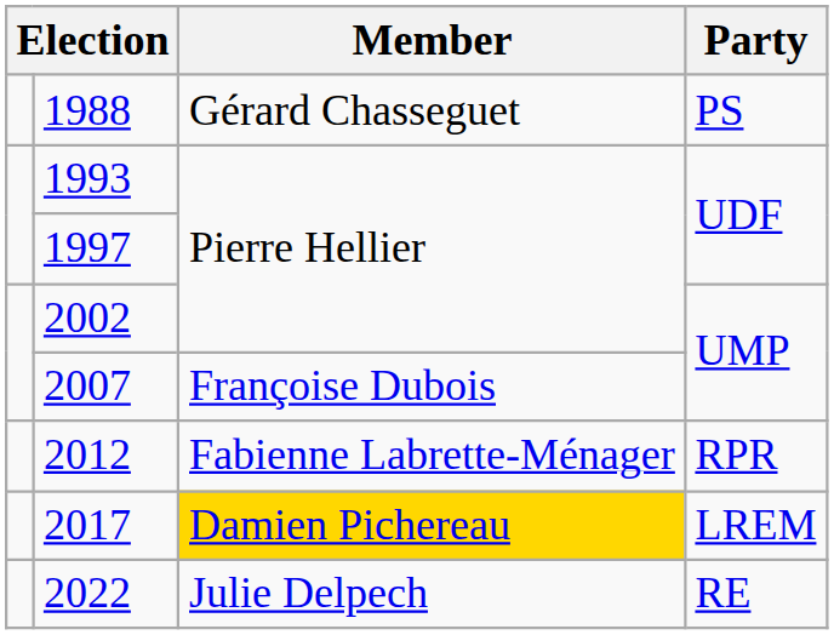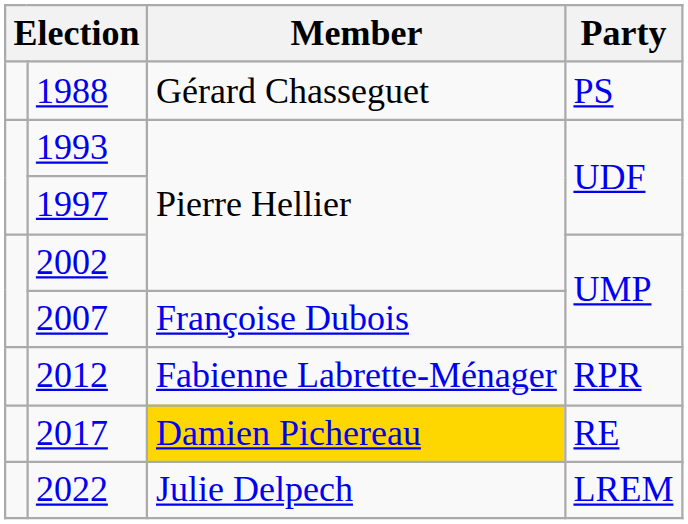 <table class="wikitable">
 <tr>
 <th colspan="2">Election</th>
 <th>Member</th>
 <th>Party</th>
 </tr>
 <tr>
 <td style="background-color: "></td>
 <td><a href='#'>1988</a></td>
 <td>Gérard Chasseguet</td>
 <td><a href='#'>PS</a></td>
 </tr>
 <tr>
 <td rowspan=2 style="background-color: "></td>
 <td><a href='#'>1993</a></td>
 <td rowspan=3>Pierre Hellier</td>
 <td rowspan=2><a href='#'>UDF</a></td>
 </tr>
 <tr>
 <td><a href='#'>1997</a></td>
 </tr>
 <tr>
 <td rowspan=2 style="background-color: "></td>
 <td><a href='#'>2002</a></td>
 <td rowspan="2"><a href='#'>UMP</a></td>
 </tr>
 <tr>
 <td><a href='#'>2007</a></td>
 <td><a href='#'>Françoise Dubois</a></td>
 </tr>
 <tr>
 <td style="background-color: "></td>
 <td><a href='#'>2012</a></td>
 <td><a href='#'>Fabienne Labrette-Ménager</a></td>
 <td><a href='#'>RPR</a></td>
 </tr>
 <tr>
 <td style="background-color: "></td>
 <td><a href='#'>2017</a></td>
 <td style="background: gold;"><a href='#'>Damien Pichereau</a></td>
-<td><a href='#'>LREM</a></td>
+<td><a href='#'>RE</a></td>
 </tr>
 <tr>
 <td style="background-color: "></td>
 <td><a href='#'>2022</a></td>
 <td><a href='#'>Julie Delpech</a></td>
-<td><a href='#'>RE</a></td>
+<td><a href='#'>LREM</a></td>
 </tr>
 </table>
